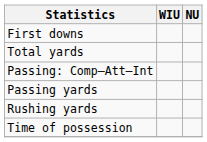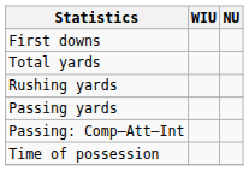 <table class="wikitable" style="float: left;">
 <tr>
 <th>Statistics</th>
 <th>WIU</th>
 <th>NU</th>
 </tr>
 <tr>
 <td>First downs</td>
 <td></td>
 <td></td>
 </tr>
 <tr>
 <td>Total yards</td>
 <td></td>
 <td></td>
 </tr>
 <tr>
-<td>Passing: Comp–Att–Int</td>
+<td>Rushing yards</td>
 <td></td>
 <td></td>
 </tr>
 <tr>
 <td>Passing yards</td>
 <td></td>
 <td></td>
 </tr>
 <tr>
-<td>Rushing yards</td>
+<td>Passing: Comp–Att–Int</td>
 <td></td>
 <td></td>
 </tr>
 <tr>
 <td>Time of possession</td>
 <td></td>
 <td></td>
 </tr>
 <tr>
 </tr>
 </table>
